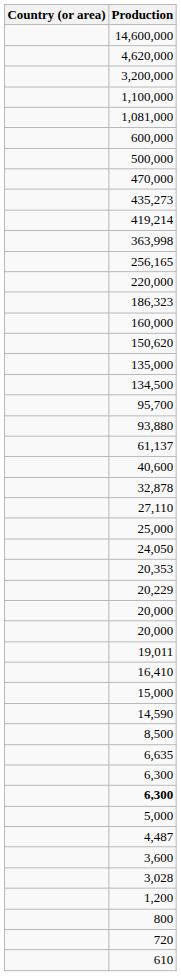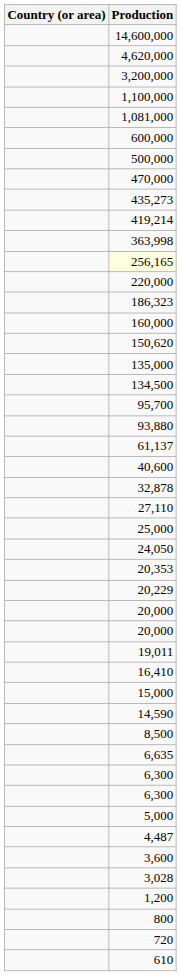 <table class="wikitable sortable static-row-numbers" style="text-align:right;">
 <tr class="static-row-header" style="text-align:center;vertical-align:bottom;">
 <th>Country (or area)</th>
 <th>Production</th>
 </tr>
 <tr>
 <td style=text-align:left></td>
 <td>14,600,000</td>
 </tr>
 <tr>
 <td></td>
 <td>4,620,000</td>
 </tr>
 <tr>
 <td></td>
 <td>3,200,000</td>
 </tr>
 <tr>
 <td></td>
 <td>1,100,000</td>
 </tr>
 <tr>
 <td></td>
 <td> 1,081,000</td>
 </tr>
 <tr>
 <td></td>
 <td>600,000</td>
 </tr>
 <tr>
 <td></td>
 <td>500,000</td>
 </tr>
 <tr>
 <td></td>
 <td>470,000</td>
 </tr>
 <tr>
 <td></td>
 <td>435,273</td>
 </tr>
 <tr>
 <td></td>
 <td>419,214</td>
 </tr>
 <tr>
 <td></td>
 <td>363,998</td>
 </tr>
 <tr>
 <td></td>
-<td>256,165</td>
+<td style="background: lightyellow;">256,165</td>
 </tr>
 <tr>
 <td></td>
 <td>220,000</td>
 </tr>
 <tr>
 <td></td>
 <td>186,323</td>
 </tr>
 <tr>
 <td></td>
 <td>160,000</td>
 </tr>
 <tr>
 <td></td>
 <td>150,620</td>
 </tr>
 <tr>
 <td></td>
 <td>135,000</td>
 </tr>
 <tr>
 <td></td>
 <td>134,500</td>
 </tr>
 <tr>
 <td></td>
 <td>95,700</td>
 </tr>
 <tr>
 <td></td>
 <td>93,880</td>
 </tr>
 <tr>
 <td></td>
 <td>61,137</td>
 </tr>
 <tr>
 <td></td>
 <td>40,600</td>
 </tr>
 <tr>
 <td></td>
 <td>32,878</td>
 </tr>
 <tr>
 <td></td>
 <td>27,110</td>
 </tr>
 <tr>
 <td></td>
 <td>25,000</td>
 </tr>
 <tr>
 <td></td>
 <td>24,050</td>
 </tr>
 <tr>
 <td></td>
 <td>20,353</td>
 </tr>
 <tr>
 <td></td>
 <td>20,229</td>
 </tr>
 <tr>
 <td></td>
 <td>20,000</td>
 </tr>
 <tr>
 <td></td>
 <td>20,000</td>
 </tr>
 <tr>
 <td></td>
 <td>19,011</td>
 </tr>
 <tr>
 <td></td>
 <td>16,410</td>
 </tr>
 <tr>
 <td></td>
 <td>15,000</td>
 </tr>
 <tr>
 <td></td>
 <td>14,590</td>
 </tr>
 <tr>
 <td></td>
 <td>8,500</td>
 </tr>
 <tr>
 <td></td>
 <td>6,635</td>
 </tr>
 <tr>
 <td></td>
 <td>6,300</td>
 </tr>
 <tr>
 <td></td>
-<td><strong>6,300</strong></td>
+<td>6,300</td>
 </tr>
 <tr>
 <td></td>
 <td>5,000</td>
 </tr>
 <tr>
 <td></td>
 <td>4,487</td>
 </tr>
 <tr>
 <td></td>
 <td>3,600</td>
 </tr>
 <tr>
 <td></td>
 <td>3,028</td>
 </tr>
 <tr>
 <td></td>
 <td>1,200</td>
 </tr>
 <tr>
 <td></td>
 <td>800</td>
 </tr>
 <tr>
 <td></td>
 <td>720</td>
 </tr>
 <tr>
 <td></td>
 <td>610</td>
 </tr>
 </table>
